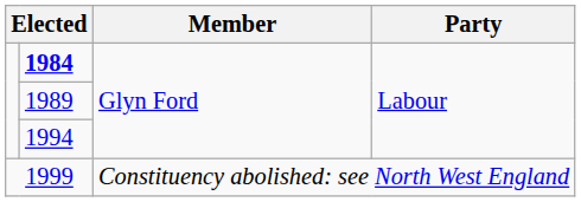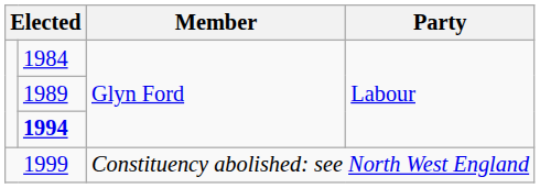 <table class="wikitable">
 <tr>
 <th colspan = "2">Elected</th>
 <th>Member</th>
 <th>Party</th>
 </tr>
 <tr>
 <td rowspan="3" style="background-color: "></td>
-<td><strong><a href='#'>1984</a></strong></td>
+<td><a href='#'>1984</a></td>
 <td rowspan = 3><a href='#'>Glyn Ford</a></td>
 <td rowspan = 3><a href='#'>Labour</a></td>
 </tr>
 <tr>
 <td><a href='#'>1989</a></td>
 </tr>
 <tr>
-<td><a href='#'>1994</a></td>
+<td><strong><a href='#'>1994</a></strong></td>
 </tr>
 <tr>
 <td colspan="2" align="center"><a href='#'>1999</a></td>
 <td colspan="2"><em>Constituency abolished: see <a href='#'>North West England</a></em></td>
 </tr>
 </table>
